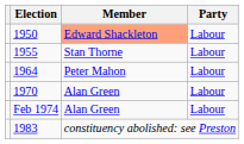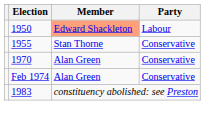 <table class="wikitable">
 <tr>
 <th></th>
 <th>Election</th>
 <th>Member</th>
 <th>Party</th>
 </tr>
 <tr>
 <td style="color:inherit;background-color: "></td>
 <td><a href='#'>1950</a></td>
 <td style="background: lightsalmon;"><a href='#'>Edward Shackleton</a></td>
 <td><a href='#'>Labour</a></td>
 </tr>
 <tr>
 <td style="color:inherit;background-color: "></td>
 <td><a href='#'>1955</a></td>
 <td><a href='#'>Stan Thorne</a></td>
-<td><a href='#'>Labour</a></td>
-</tr>
-<tr>
-<td style="color:inherit;background-color: "></td>
-<td><a href='#'>1964</a></td>
-<td><a href='#'>Peter Mahon</a></td>
-<td><a href='#'>Labour</a></td>
+<td><a href='#'>Conservative</a></td>
 </tr>
 <tr>
 <td style="color:inherit;background-color: "></td>
 <td><a href='#'>1970</a></td>
 <td><a href='#'>Alan Green</a></td>
-<td><a href='#'>Labour</a></td>
+<td><a href='#'>Conservative</a></td>
 </tr>
 <tr>
 <td style="color:inherit;background-color: "></td>
 <td><a href='#'>Feb 1974</a></td>
 <td><a href='#'>Alan Green</a></td>
-<td><a href='#'>Labour</a></td>
+<td><a href='#'>Conservative</a></td>
 </tr>
 <tr>
 <td></td>
 <td><a href='#'>1983</a></td>
 <td colspan="2"><em>constituency abolished: see <a href='#'>Preston</a></em></td>
 </tr>
 </table>
